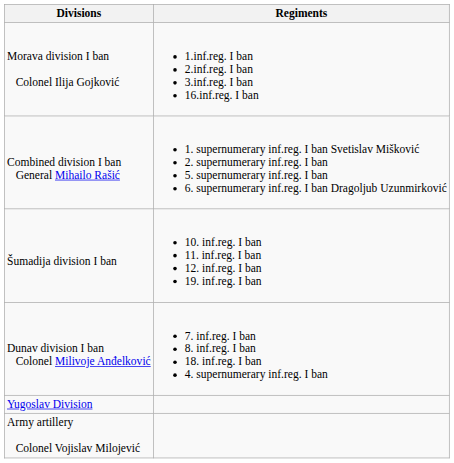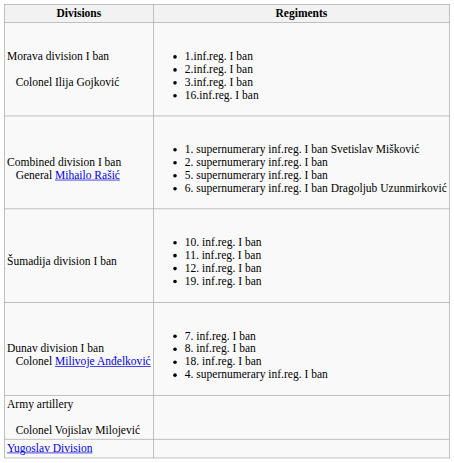 <table class="wikitable">
 <tr>
 <th>Divisions</th>
 <th>Regiments</th>
 </tr>
 <tr>
 <td>Morava division I ban<br><br>   Colonel Ilija Gojković</td>
 <td><br><ul><li>1.inf.reg. I ban</li><li>2.inf.reg. I ban</li><li>3.inf.reg. I ban</li><li>16.inf.reg. I ban</li></ul></td>
 </tr>
 <tr>
 <td><br>Combined division I ban <br>   General <a href='#'>Mihailo Rašić</a></td>
 <td><br><ul><li>1. supernumerary inf.reg. I ban  Svetislav Mišković</li><li>2. supernumerary inf.reg. I ban</li><li>5. supernumerary inf.reg. I ban</li><li>6. supernumerary inf.reg. I ban Dragoljub Uzunmirković</li></ul></td>
 </tr>
 <tr>
 <td><br>Šumadija division I ban</td>
 <td><br><ul><li>10. inf.reg. I ban</li><li>11. inf.reg. I ban</li><li>12. inf.reg. I ban</li><li>19. inf.reg. I ban</li></ul></td>
 </tr>
 <tr>
 <td><br>Dunav division I ban <br>   Colonel <a href='#'>Milivoje Anđelković</a></td>
 <td><br><ul><li>7. inf.reg. I ban</li><li>8. inf.reg. I ban</li><li>18. inf.reg. I ban</li><li>4. supernumerary inf.reg. I ban</li></ul></td>
 </tr>
 <tr>
+<td>Army artillery<br><br>   Colonel Vojislav Milojević</td>
+<td></td>
+</tr>
+<tr>
 <td><a href='#'>Yugoslav Division</a></td>
 <td></td>
 </tr>
-<tr>
-<td>Army artillery<br><br>   Colonel Vojislav Milojević</td>
-<td></td>
-</tr>
 </table>
